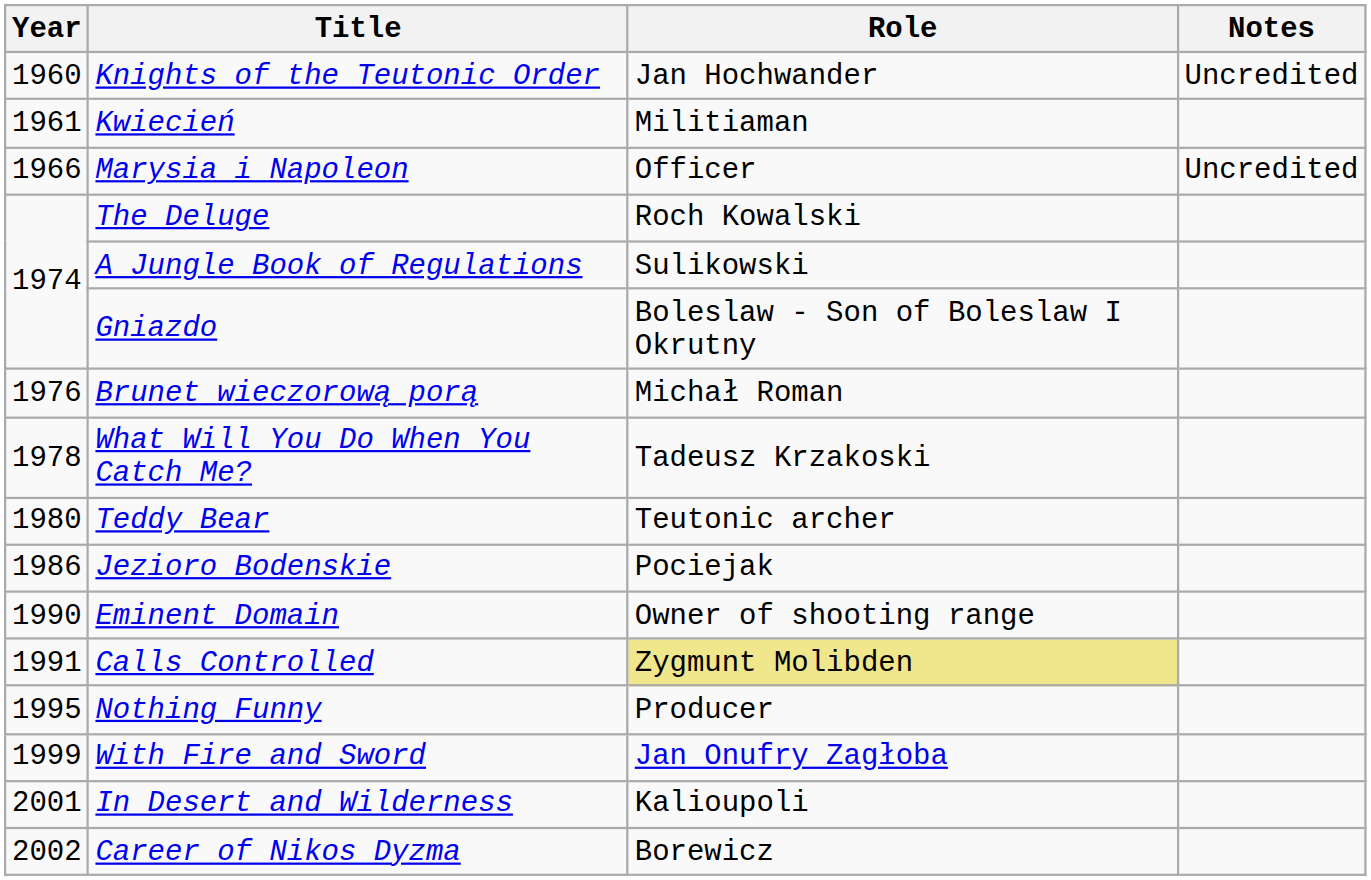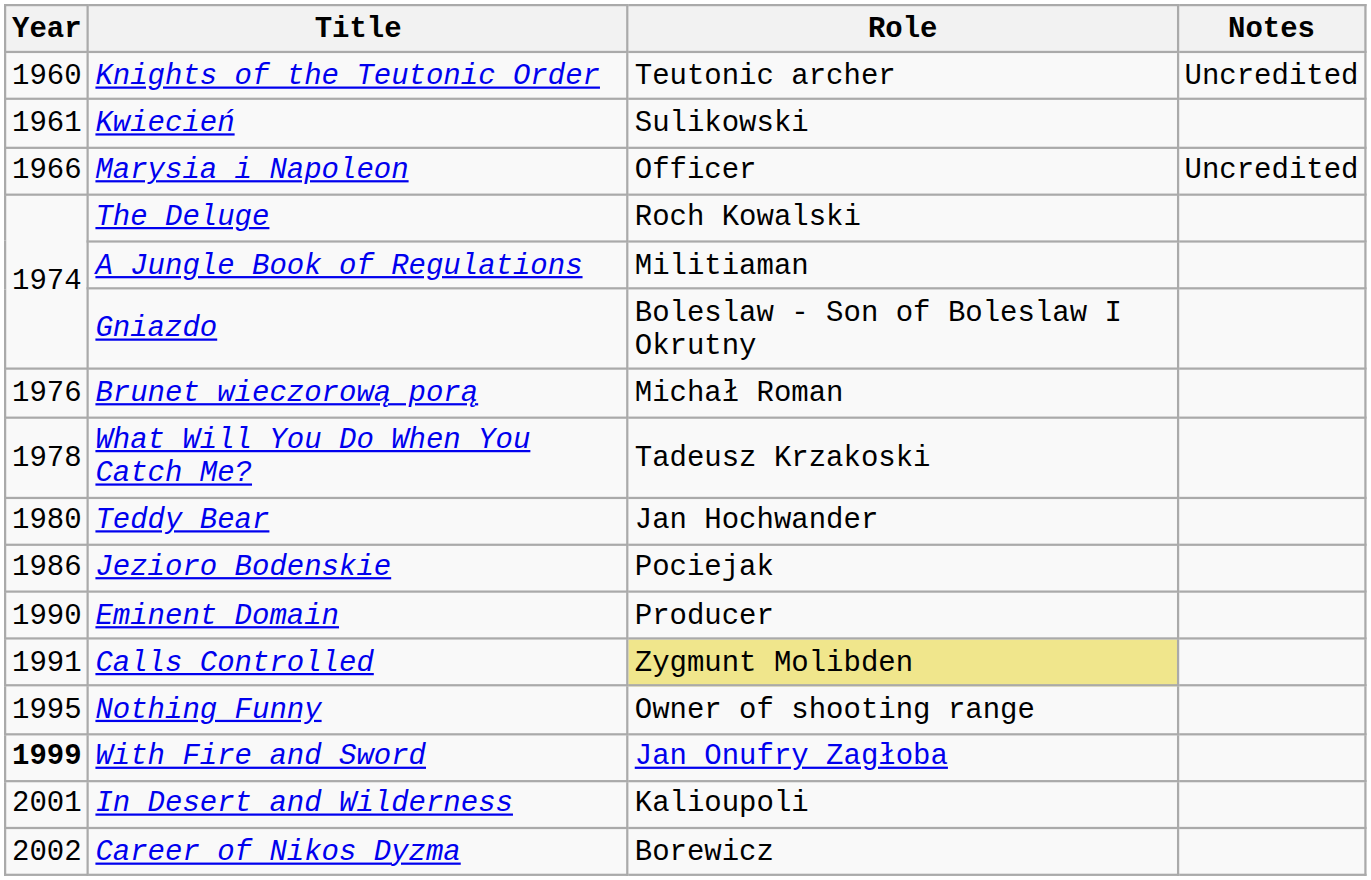 <table class="wikitable sortable">
 <tr>
 <th>Year</th>
 <th>Title</th>
 <th>Role</th>
 <th class="unsortable">Notes</th>
 </tr>
 <tr>
 <td>1960</td>
 <td><em><a href='#'>Knights of the Teutonic Order</a></em></td>
-<td>Jan Hochwander</td>
+<td>Teutonic archer</td>
 <td>Uncredited</td>
 </tr>
 <tr>
 <td>1961</td>
 <td><em><a href='#'>Kwiecień</a></em></td>
-<td>Militiaman</td>
+<td>Sulikowski</td>
 <td></td>
 </tr>
 <tr>
 <td>1966</td>
 <td><em><a href='#'>Marysia i Napoleon</a></em></td>
 <td>Officer</td>
 <td>Uncredited</td>
 </tr>
 <tr>
 <td rowspan=3>1974</td>
 <td><em><a href='#'>The Deluge</a></em></td>
 <td>Roch Kowalski</td>
 <td></td>
 </tr>
 <tr>
 <td><em><a href='#'>A Jungle Book of Regulations</a></em></td>
-<td>Sulikowski</td>
+<td>Militiaman</td>
 <td></td>
 </tr>
 <tr>
 <td><em><a href='#'>Gniazdo</a></em></td>
 <td>Boleslaw - Son of Boleslaw I Okrutny</td>
 <td></td>
 </tr>
 <tr>
 <td>1976</td>
 <td><em><a href='#'>Brunet wieczorową porą</a></em></td>
 <td>Michał Roman</td>
 <td></td>
 </tr>
 <tr>
 <td>1978</td>
 <td><em><a href='#'>What Will You Do When You Catch Me?</a></em></td>
 <td>Tadeusz Krzakoski</td>
 <td></td>
 </tr>
 <tr>
 <td>1980</td>
 <td><em><a href='#'>Teddy Bear</a></em></td>
-<td>Teutonic archer</td>
+<td>Jan Hochwander</td>
 <td></td>
 </tr>
 <tr>
 <td>1986</td>
 <td><em><a href='#'>Jezioro Bodenskie</a></em></td>
 <td>Pociejak</td>
 <td></td>
 </tr>
 <tr>
 <td>1990</td>
 <td><em><a href='#'>Eminent Domain</a></em></td>
-<td>Owner of shooting range</td>
+<td>Producer</td>
 <td></td>
 </tr>
 <tr>
 <td>1991</td>
 <td><em><a href='#'>Calls Controlled</a></em></td>
 <td style="background: khaki;">Zygmunt Molibden</td>
 <td></td>
 </tr>
 <tr>
 <td>1995</td>
 <td><em><a href='#'>Nothing Funny</a></em></td>
-<td>Producer</td>
+<td>Owner of shooting range</td>
 <td></td>
 </tr>
 <tr>
-<td>1999</td>
+<td><strong>1999</strong></td>
 <td><em><a href='#'>With Fire and Sword</a></em></td>
 <td><a href='#'>Jan Onufry Zagłoba</a></td>
 <td></td>
 </tr>
 <tr>
 <td>2001</td>
 <td><em><a href='#'>In Desert and Wilderness</a></em></td>
 <td>Kalioupoli</td>
 <td></td>
 </tr>
 <tr>
 <td>2002</td>
 <td><em><a href='#'>Career of Nikos Dyzma</a></em></td>
 <td>Borewicz</td>
 <td></td>
 </tr>
 </table>
